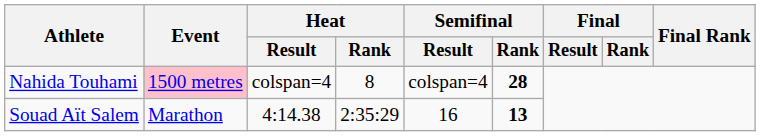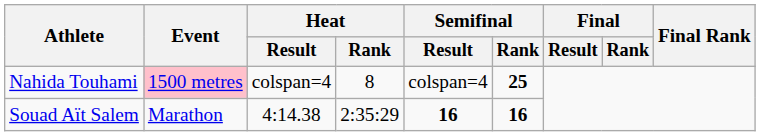 <table class="wikitable" style="font-size:90%">
 <tr>
 <th rowspan="2">Athlete</th>
 <th rowspan="2">Event</th>
 <th colspan="2">Heat</th>
 <th colspan="2">Semifinal</th>
 <th colspan="2">Final</th>
 <th colspan="2" rowspan="2">Final Rank</th>
 </tr>
 <tr style="font-size:95%">
 <th>Result</th>
 <th>Rank</th>
 <th>Result</th>
 <th>Rank</th>
 <th>Result</th>
 <th>Rank</th>
 </tr>
 <tr align=center>
 <td align=left><a href='#'>Nahida Touhami</a></td>
 <td align=left style="background: pink;"><a href='#'>1500 metres</a></td>
 <td>colspan=4 </td>
 <td>8</td>
 <td>colspan=4 </td>
-<td><strong>28</strong></td>
+<td><strong>25</strong></td>
 </tr>
 <tr align=center>
 <td align=left><a href='#'>Souad Aït Salem</a></td>
 <td align=left><a href='#'>Marathon</a></td>
 <td>4:14.38</td>
 <td>2:35:29</td>
-<td>16</td>
-<td><strong>13</strong></td>
+<td><strong>16</strong></td>
+<td><strong>16</strong></td>
 </tr>
 </table>
